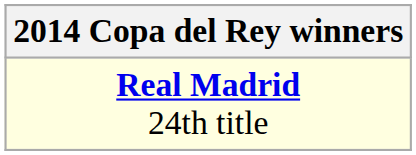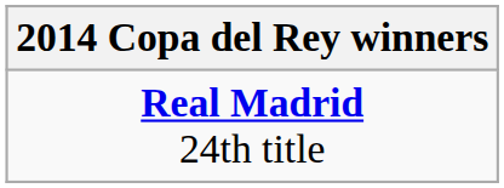 <table class=wikitable style="text-align:center; margin:auto">
 <tr>
 <th>2014 Copa del Rey winners</th>
 </tr>
 <tr>
-<td style="background: lightyellow;"><strong><a href='#'>Real Madrid</a></strong><br>24th title</td>
+<td><strong><a href='#'>Real Madrid</a></strong><br>24th title</td>
 </tr>
 </table>
